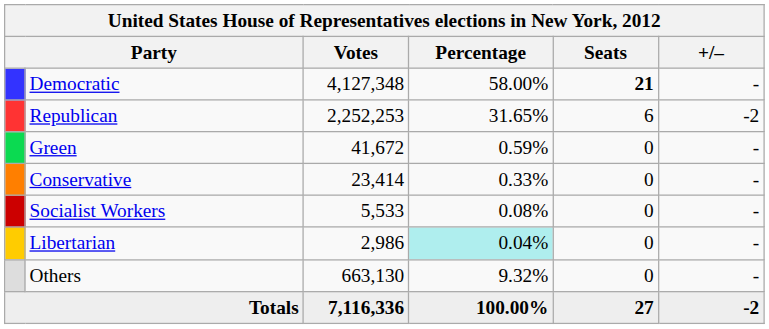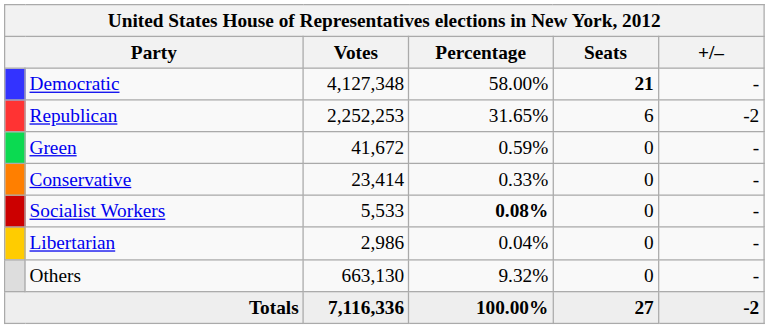 <table class="wikitable" style="font-size: 95%;">
 <tr>
 <th colspan="6">United States House of Representatives elections in New York, 2012</th>
 </tr>
 <tr>
 <th colspan=2 style="width: 15em">Party</th>
 <th style="width: 5em">Votes</th>
 <th style="width: 7em">Percentage</th>
 <th style="width: 5em">Seats</th>
 <th style="width: 5em">+/–</th>
 </tr>
 <tr>
 <th style="background:#33f; width:3px;"></th>
 <td style="width: 130px"><a href='#'>Democratic</a></td>
 <td style="text-align:right;">4,127,348</td>
 <td style="text-align:right;">58.00%</td>
 <td style="text-align:right;"><strong>21</strong></td>
 <td style="text-align:right;">-</td>
 </tr>
 <tr>
 <th style="background:#f33; width:3px;"></th>
 <td style="width: 130px"><a href='#'>Republican</a></td>
 <td style="text-align:right;">2,252,253</td>
 <td style="text-align:right;">31.65%</td>
 <td style="text-align:right;">6</td>
 <td style="text-align:right;">-2</td>
 </tr>
 <tr>
 <th style="background:#0bda51; width:3px;"></th>
 <td style="width: 130px"><a href='#'>Green</a></td>
 <td style="text-align:right;">41,672</td>
 <td style="text-align:right;">0.59%</td>
 <td style="text-align:right;">0</td>
 <td style="text-align:right;">-</td>
 </tr>
 <tr>
 <th style="background:#ff7f00; width:3px;"></th>
 <td style="width: 130px"><a href='#'>Conservative</a></td>
 <td style="text-align:right;">23,414</td>
 <td style="text-align:right;">0.33%</td>
 <td style="text-align:right;">0</td>
 <td style="text-align:right;">-</td>
 </tr>
 <tr>
 <th style="background-color:#CC0000; width: 3px"></th>
 <td style="width: 130px"><a href='#'>Socialist Workers</a></td>
 <td style="text-align:right;">5,533</td>
-<td style="text-align:right;">0.08%</td>
+<td style="text-align:right;"><strong>0.08%</strong></td>
 <td style="text-align:right;">0</td>
 <td style="text-align:right;">-</td>
 </tr>
 <tr>
 <th style="background:#fc0; width:3px;"></th>
 <td style="width: 130px"><a href='#'>Libertarian</a></td>
 <td style="text-align:right;">2,986</td>
-<td style="background: paleturquoise; text-align:right;">0.04%</td>
+<td style="text-align:right;">0.04%</td>
 <td style="text-align:right;">0</td>
 <td style="text-align:right;">-</td>
 </tr>
 <tr>
 <th style="background:#ddd; width:3px;"></th>
 <td style="width: 130px">Others</td>
 <td style="text-align:right;">663,130</td>
 <td style="text-align:right;">9.32%</td>
 <td style="text-align:right;">0</td>
 <td style="text-align:right;">-</td>
 </tr>
 <tr style="background:#eee; text-align:right;">
 <td colspan="2"><strong>Totals</strong></td>
 <td><strong>7,116,336</strong></td>
 <td><strong>100.00%</strong></td>
 <td><strong>27</strong></td>
 <td><strong>-2</strong></td>
 </tr>
 </table>
